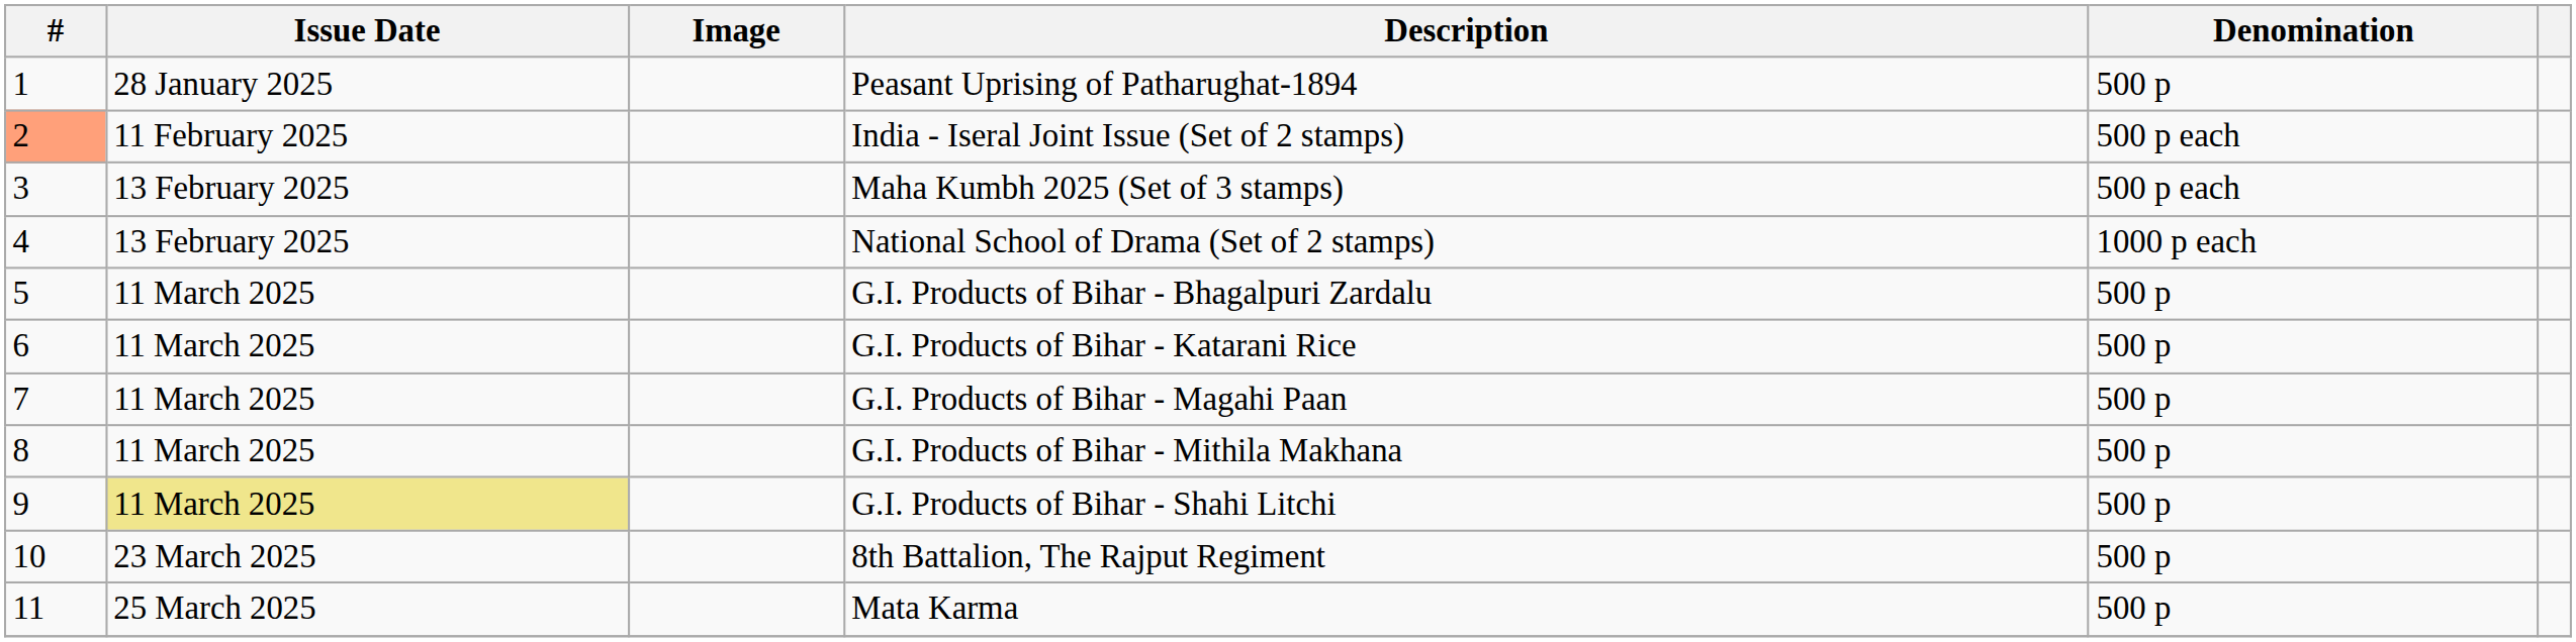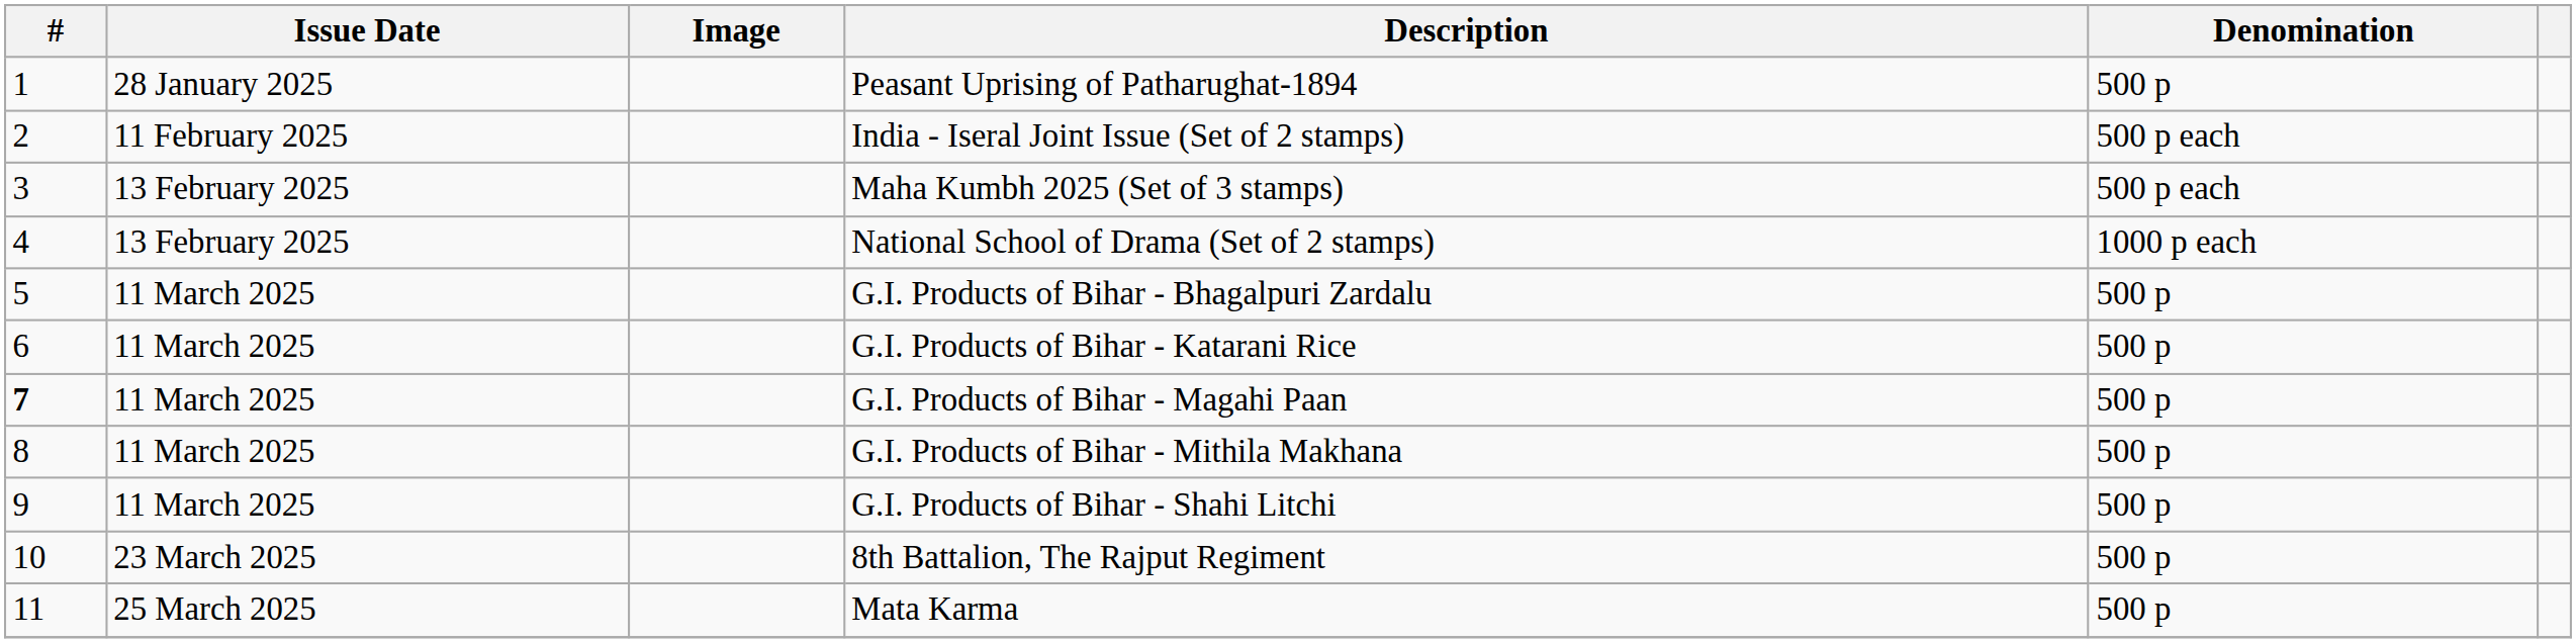 <table class = "wikitable"  style = "text-align:justify" width = "98%">
 <tr>
 <th>#</th>
 <th>Issue Date</th>
 <th>Image</th>
 <th>Description</th>
 <th>Denomination</th>
 <th></th>
 </tr>
 <tr>
 <td>1</td>
 <td>28 January 2025</td>
 <td></td>
 <td>Peasant Uprising of Patharughat-1894</td>
 <td>500 p</td>
 <td></td>
 </tr>
 <tr>
-<td style="background: lightsalmon;">2</td>
+<td>2</td>
 <td>11 February 2025</td>
 <td></td>
 <td>India - Iseral Joint Issue (Set of 2 stamps)</td>
 <td>500 p each</td>
 <td></td>
 </tr>
 <tr>
 <td>3</td>
 <td>13 February 2025</td>
 <td></td>
 <td>Maha Kumbh 2025 (Set of 3 stamps)</td>
 <td>500 p each</td>
 <td></td>
 </tr>
 <tr>
 <td>4</td>
 <td>13 February 2025</td>
 <td></td>
 <td>National School of Drama (Set of 2 stamps)</td>
 <td>1000 p each</td>
 <td></td>
 </tr>
 <tr>
 <td>5</td>
 <td>11 March 2025</td>
 <td></td>
 <td>G.I. Products of Bihar - Bhagalpuri Zardalu</td>
 <td>500 p</td>
 <td></td>
 </tr>
 <tr>
 <td>6</td>
 <td>11 March 2025</td>
 <td></td>
 <td>G.I. Products of Bihar -  Katarani Rice</td>
 <td>500 p</td>
 <td></td>
 </tr>
 <tr>
-<td>7</td>
+<td><strong>7</strong></td>
 <td>11 March 2025</td>
 <td></td>
 <td>G.I. Products of Bihar - Magahi Paan</td>
 <td>500 p</td>
 <td></td>
 </tr>
 <tr>
 <td>8</td>
 <td>11 March 2025</td>
 <td></td>
 <td>G.I. Products of Bihar - Mithila Makhana</td>
 <td>500 p</td>
 <td></td>
 </tr>
 <tr>
 <td>9</td>
-<td style="background: khaki;">11 March 2025</td>
+<td>11 March 2025</td>
 <td></td>
 <td>G.I. Products of Bihar - Shahi Litchi</td>
 <td>500 p</td>
 <td></td>
 </tr>
 <tr>
 <td>10</td>
 <td>23 March 2025</td>
 <td></td>
 <td>8th Battalion, The Rajput Regiment</td>
 <td>500 p</td>
 <td></td>
 </tr>
 <tr>
 <td>11</td>
 <td>25 March 2025</td>
 <td></td>
 <td>Mata Karma</td>
 <td>500 p</td>
 <td></td>
 </tr>
 <tr>
 </tr>
 </table>
